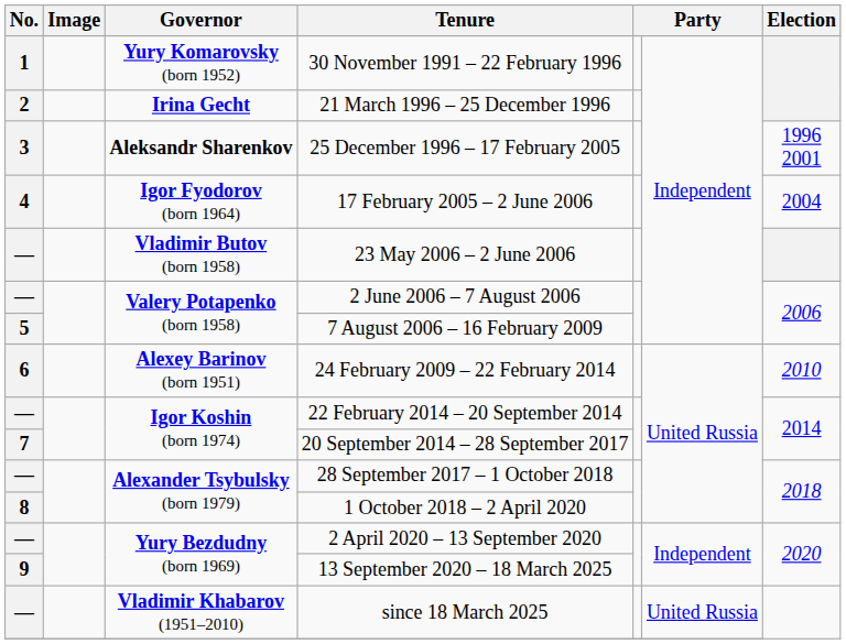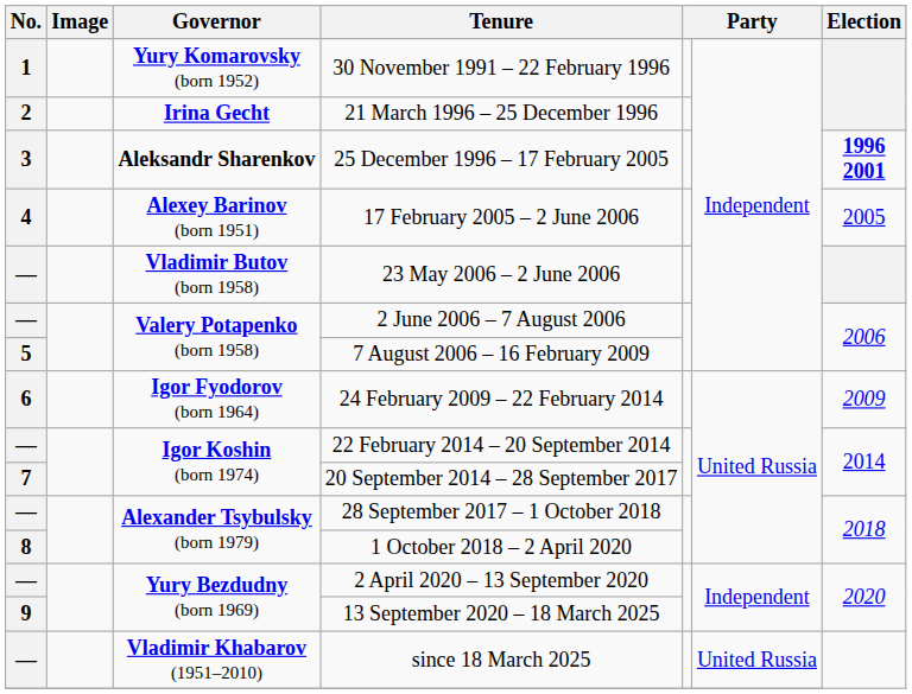 <table class="wikitable" style="text-align:center">
 <tr style="background:#cccccc" bgcolor=#E6E6AA>
 <th>No.</th>
 <th>Image</th>
 <th>Governor</th>
 <th>Tenure</th>
 <th colspan=2>Party</th>
 <th>Election</th>
 </tr>
 <tr>
 <th>1</th>
 <td></td>
 <td><strong><a href='#'>Yury Komarovsky</a></strong><br><small>(born 1952)</small></td>
 <td>30 November 1991 – 22 February 1996</td>
 <td style="background: "></td>
 <td rowspan=7><a href='#'>Independent</a></td>
 <th rowspan=2></th>
 </tr>
 <tr>
 <th>2</th>
 <td></td>
 <td><strong><a href='#'>Irina Gecht</a></strong></td>
 <td>21 March 1996 – 25 December 1996</td>
 <td style="background: "></td>
 </tr>
 <tr>
 <th>3</th>
 <td></td>
 <td><strong>Aleksandr Sharenkov</strong></td>
 <td>25 December 1996 – 17 February 2005</td>
 <td style="background: "></td>
-<td><a href='#'>1996</a><br><a href='#'>2001</a></td>
+<td><strong><a href='#'>1996</a><br><a href='#'>2001</a></strong></td>
 </tr>
 <tr>
 <th>4</th>
 <td></td>
-<td><strong><a href='#'>Igor Fyodorov</a></strong><br><small>(born 1964)</small></td>
+<td><strong><a href='#'>Alexey Barinov</a></strong><br><small>(born 1951)</small></td>
 <td>17 February 2005 – 2 June 2006</td>
 <td style="background: "></td>
-<td><a href='#'>2004</a></td>
+<td><a href='#'>2005</a></td>
 </tr>
 <tr>
 <th>—</th>
 <td></td>
 <td><strong><a href='#'>Vladimir Butov</a></strong><br><small>(born 1958)</small></td>
 <td>23 May 2006 – 2 June 2006</td>
 <td style="background: "></td>
 <th></th>
 </tr>
 <tr>
 <th>—</th>
 <td rowspan=2></td>
 <td rowspan=2><strong><a href='#'>Valery Potapenko</a></strong><br><small>(born 1958)</small></td>
 <td>2 June 2006 – 7 August 2006</td>
 <td rowspan=2; style="background: "></td>
 <td rowspan=2><em><a href='#'>2006</a></em></td>
 </tr>
 <tr>
 <th>5</th>
 <td>7 August 2006 – 16 February 2009</td>
 </tr>
 <tr>
 <th>6</th>
 <td></td>
-<td><strong><a href='#'>Alexey Barinov</a></strong><br><small>(born 1951)</small></td>
+<td><strong><a href='#'>Igor Fyodorov</a></strong><br><small>(born 1964)</small></td>
 <td>24 February 2009 – 22 February 2014</td>
 <td style="background: "></td>
 <td rowspan=5><a href='#'>United Russia</a></td>
-<td><em><a href='#'>2010</a></em></td>
+<td><em><a href='#'>2009</a></em></td>
 </tr>
 <tr>
 <th>—</th>
 <td rowspan=2></td>
 <td rowspan=2><strong><a href='#'>Igor Koshin</a></strong><br><small>(born 1974)</small></td>
 <td>22 February 2014 – 20 September 2014</td>
 <td rowspan=2; style="background: "></td>
 <td rowspan=2><a href='#'>2014</a></td>
 </tr>
 <tr>
 <th>7</th>
 <td>20 September 2014 – 28 September 2017</td>
 </tr>
 <tr>
 <th>—</th>
 <td rowspan=2></td>
 <td rowspan=2><strong><a href='#'>Alexander Tsybulsky</a></strong><br><small>(born 1979)</small></td>
 <td>28 September 2017 – 1 October 2018</td>
 <td rowspan=2; style="background: "></td>
 <td rowspan=2><em><a href='#'>2018</a></em></td>
 </tr>
 <tr>
 <th>8</th>
 <td>1 October 2018 – 2 April 2020</td>
 </tr>
 <tr>
 <th>—</th>
 <td rowspan=2></td>
 <td rowspan=2><strong><a href='#'>Yury Bezdudny</a></strong><br><small>(born 1969)</small></td>
 <td>2 April 2020 – 13 September 2020</td>
 <td rowspan=2; style="background: "></td>
 <td rowspan=2><a href='#'>Independent</a></td>
 <td rowspan=2><em><a href='#'>2020</a></em></td>
 </tr>
 <tr>
 <th>9</th>
 <td>13 September 2020 – 18 March 2025</td>
 </tr>
 <tr>
 <th>—</th>
 <td></td>
 <td><strong><a href='#'>Vladimir Khabarov</a></strong><br><small>(1951–2010)</small></td>
 <td>since 18 March 2025</td>
 <td style="background: "></td>
 <td><a href='#'>United Russia</a></td>
 </tr>
 <tr>
 </tr>
 </table>
